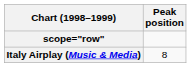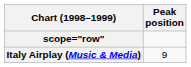 <table class="wikitable sortable plainrowheaders" style="text-align:center">
 <tr>
 <th>Chart (1998–1999)</th>
 <th>Peak<br>position</th>
 </tr>
 <tr>
 <th>scope="row"</th>
 </tr>
 <tr>
 <th scope="row">Italy Airplay (<em><a href='#'>Music & Media</a></em>)</th>
-<td>8</td>
+<td>9</td>
 </tr>
 </table>
